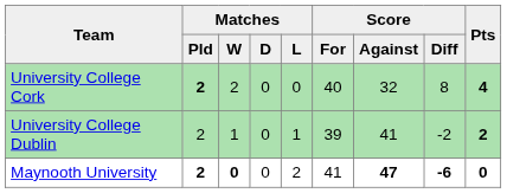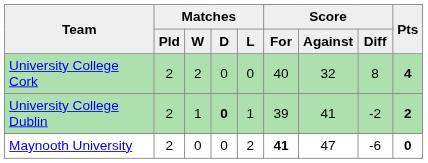 <table style=border-collapse:collapse border=1 cellspacing=0 cellpadding=5>
 <tr align=center bgcolor=#efefef>
 <th rowspan=2 width=165>Team</th>
 <th colspan=4>Matches</th>
 <th colspan=3>Score</th>
 <th rowspan=2width=20>Pts</th>
 </tr>
 <tr align=center bgcolor=#efefef>
 <th width=20>Pld</th>
 <th width=20>W</th>
 <th width=20>D</th>
 <th width=20>L</th>
 <th width=30>For</th>
 <th width=30>Against</th>
 <th width=30>Diff</th>
 </tr>
 <tr align=center style="background:#ACE1AF;">
 <td style="text-align:left;"><a href='#'>University College Cork</a></td>
-<td><strong>2</strong></td>
+<td>2</td>
 <td>2</td>
 <td>0</td>
 <td>0</td>
 <td>40</td>
 <td>32</td>
 <td>8</td>
 <td><strong>4</strong></td>
 </tr>
 <tr align=center style="background:#ACE1AF;">
 <td style="text-align:left;"><a href='#'>University College Dublin</a></td>
 <td>2</td>
 <td>1</td>
-<td>0</td>
+<td><strong>0</strong></td>
 <td>1</td>
 <td>39</td>
 <td>41</td>
 <td>-2</td>
 <td><strong>2</strong></td>
 </tr>
 <tr align=center>
 <td style="text-align:left;"><a href='#'>Maynooth University</a></td>
-<td><strong>2</strong></td>
-<td><strong>0</strong></td>
+<td>2</td>
+<td>0</td>
 <td>0</td>
 <td>2</td>
-<td>41</td>
-<td><strong>47</strong></td>
-<td><strong>-6</strong></td>
+<td><strong>41</strong></td>
+<td>47</td>
+<td>-6</td>
 <td><strong>0</strong></td>
 </tr>
 </table>
